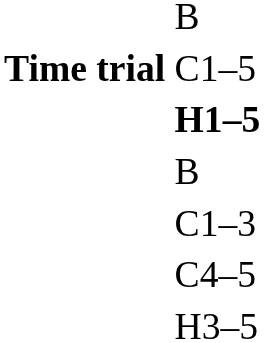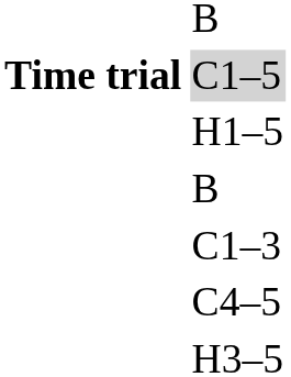 <table>
 <tr>
 <th rowspan="3">Time trial</th>
 <td>B<br></td>
 <td></td>
 <td></td>
 <td></td>
 </tr>
 <tr>
-<td>C1–5<br></td>
+<td style="background: lightgrey;">C1–5<br></td>
 <td></td>
 <td></td>
 <td></td>
 </tr>
 <tr>
-<td><strong>H1–5<br></strong></td>
+<td>H1–5<br></td>
 <td></td>
 <td></td>
 <td></td>
 </tr>
 <tr>
 <th rowspan="4"></th>
 <td>B<br></td>
 <td></td>
 <td></td>
 <td></td>
 </tr>
 <tr>
 <td>C1–3<br></td>
 <td></td>
 <td></td>
 <td></td>
 </tr>
 <tr>
 <td>C4–5<br></td>
 <td></td>
 <td></td>
 <td></td>
 </tr>
 <tr>
 <td>H3–5<br></td>
 <td></td>
 <td></td>
 <td></td>
 </tr>
 </table>
